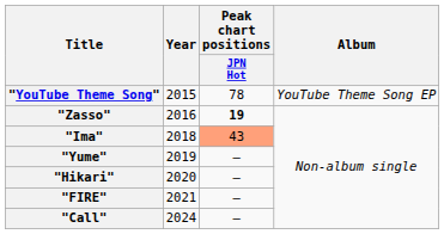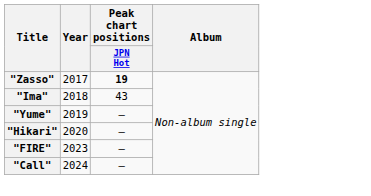 <table class="wikitable plainrowheaders" style="text-align:center;">
 <tr>
 <th rowspan="2" scope="col">Title</th>
 <th rowspan="2" scope="col">Year</th>
 <th colspan="1" scope="col">Peak chart positions</th>
 <th rowspan="2" scope="col">Album</th>
 </tr>
 <tr>
 <th scope="col" style="width:3em;font-size:85%;"><a href='#'>JPN</a><br><a href='#'>Hot</a><br></th>
 </tr>
 <tr>
-<th scope="row">"<a href='#'>YouTube Theme Song</a>"</th>
-<td>2015</td>
-<td>78<br></td>
-<td><em>YouTube Theme Song EP</em></td>
-</tr>
-<tr>
 <th scope="row">"Zasso"</th>
-<td>2016</td>
+<td>2017</td>
 <td><strong>19<br></strong></td>
 <td rowspan="6"><em>Non-album single</em></td>
 </tr>
 <tr>
 <th scope="row">"Ima"</th>
 <td>2018</td>
-<td style="background: lightsalmon;">43</td>
+<td>43</td>
 </tr>
 <tr>
 <th scope="row">"Yume"</th>
 <td>2019</td>
 <td>—</td>
 </tr>
 <tr>
 <th scope="row">"Hikari"</th>
 <td>2020</td>
 <td>—</td>
 </tr>
 <tr>
 <th scope="row">"FIRE"</th>
-<td>2021</td>
+<td>2023</td>
 <td>—</td>
 </tr>
 <tr>
 <th scope="row">"Call"</th>
 <td>2024</td>
 <td>—</td>
 </tr>
 </table>
